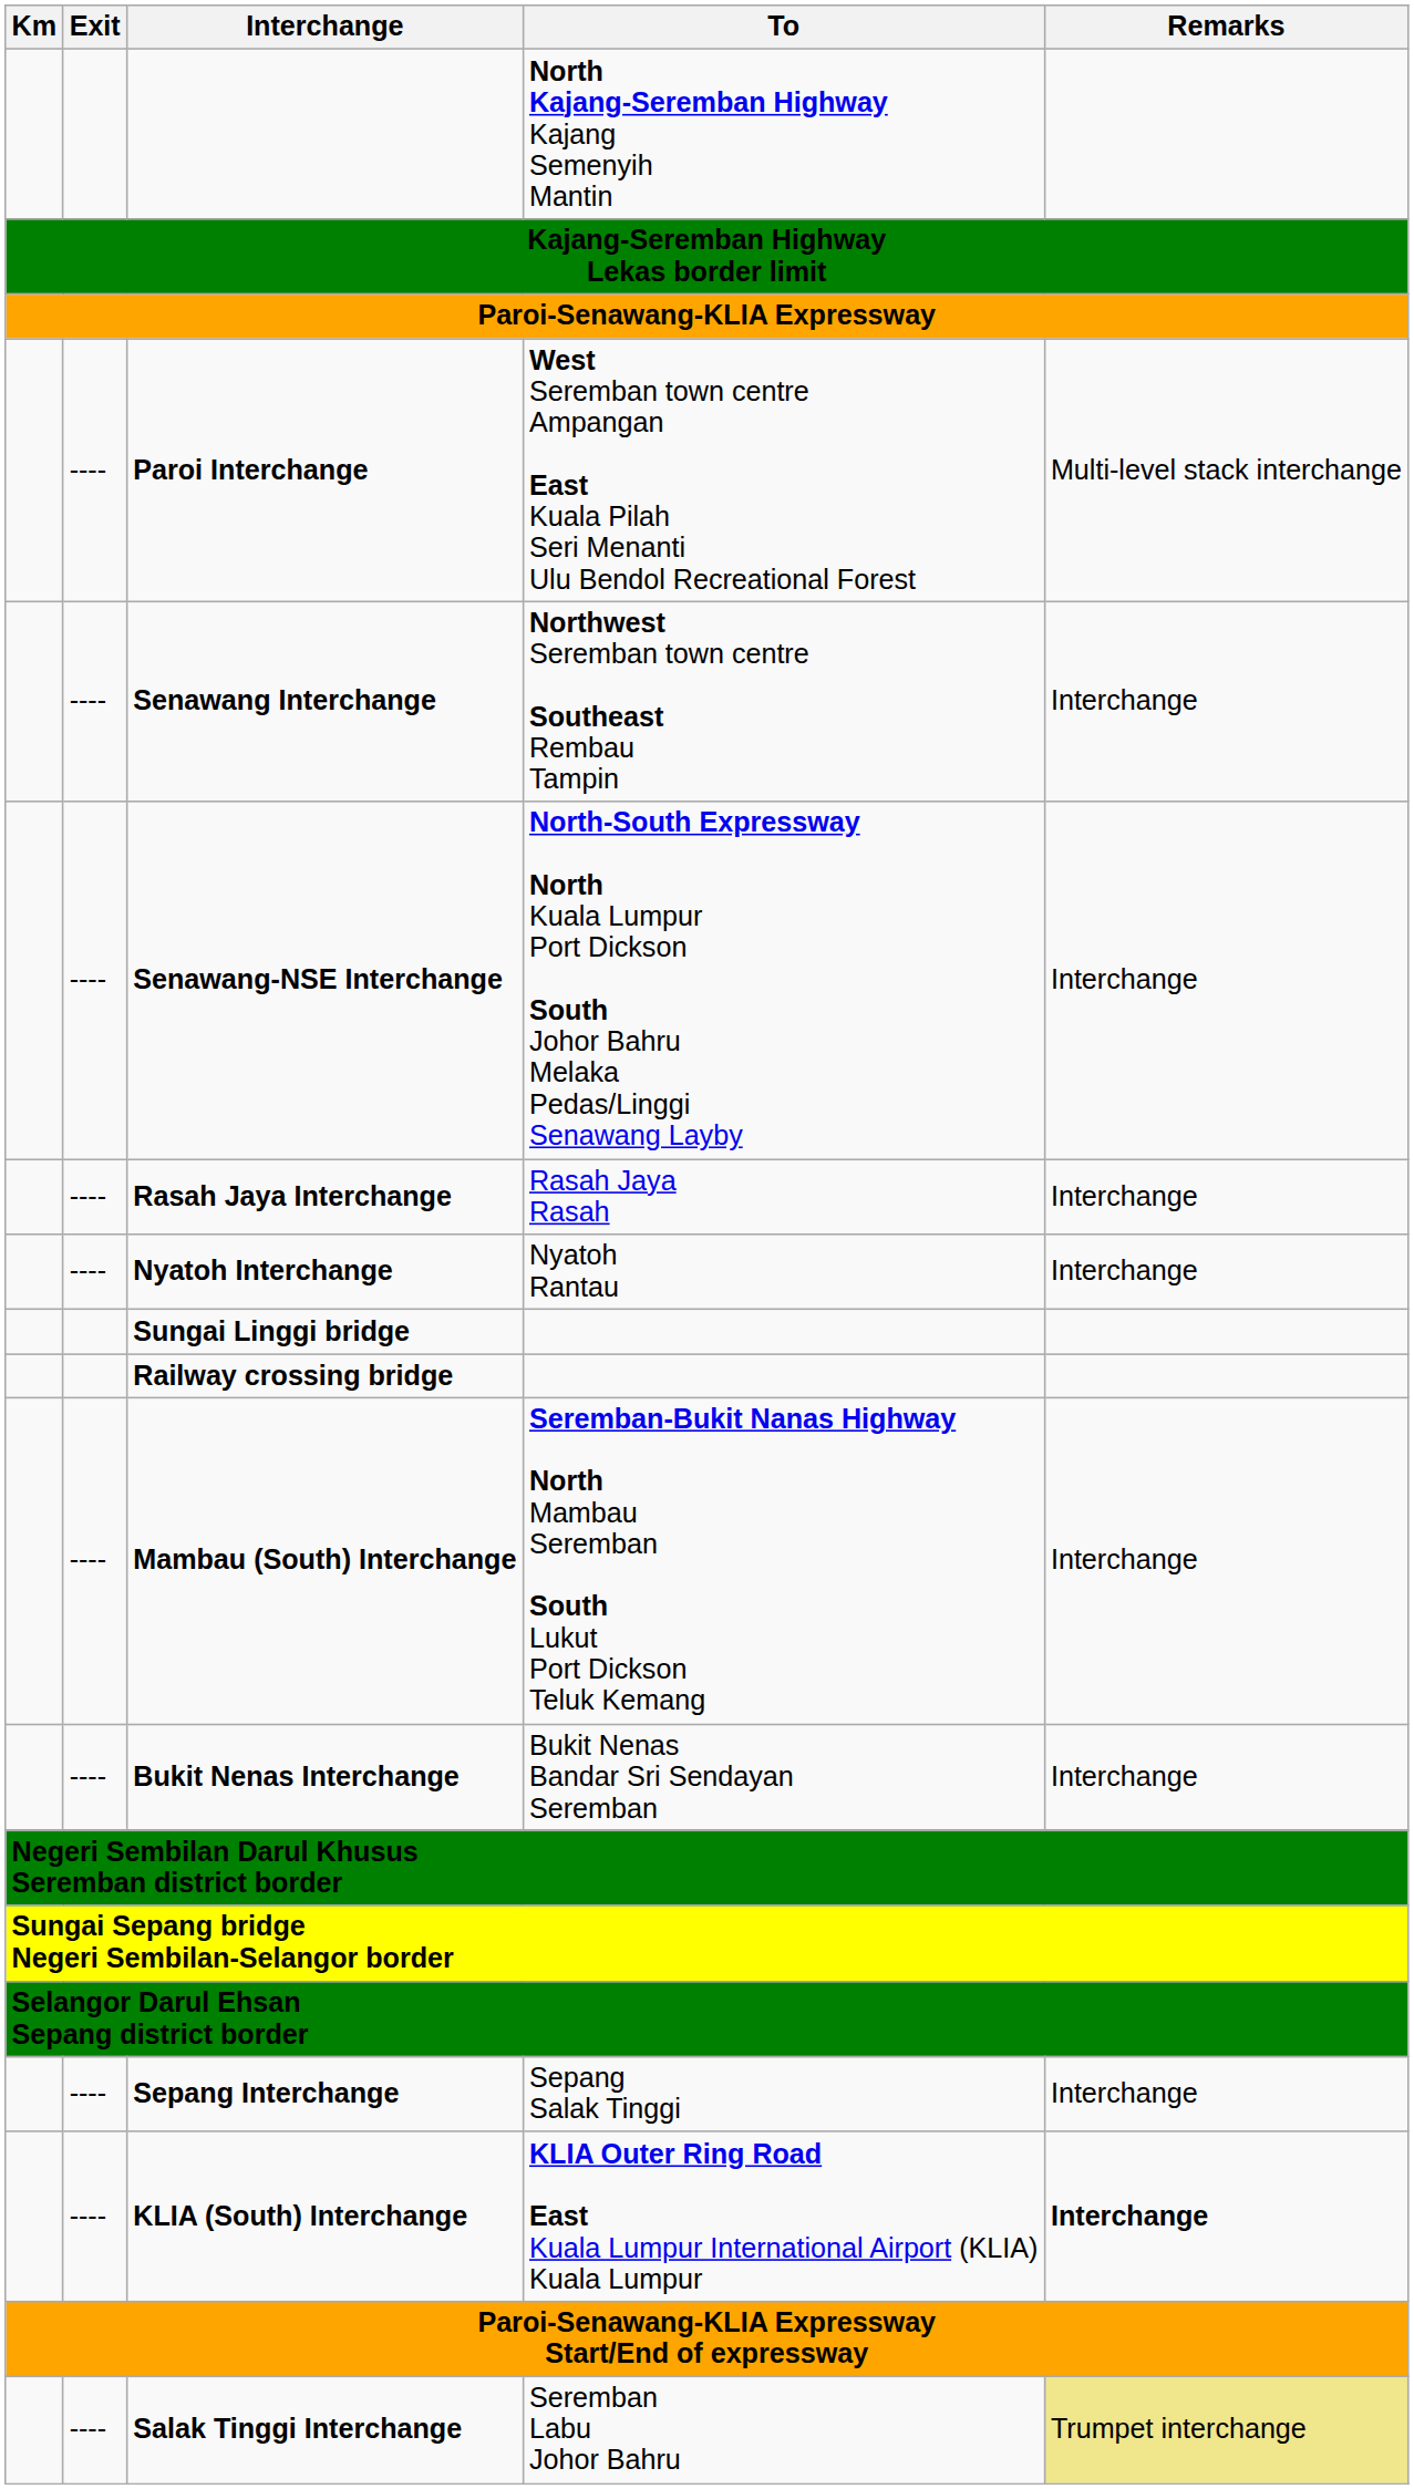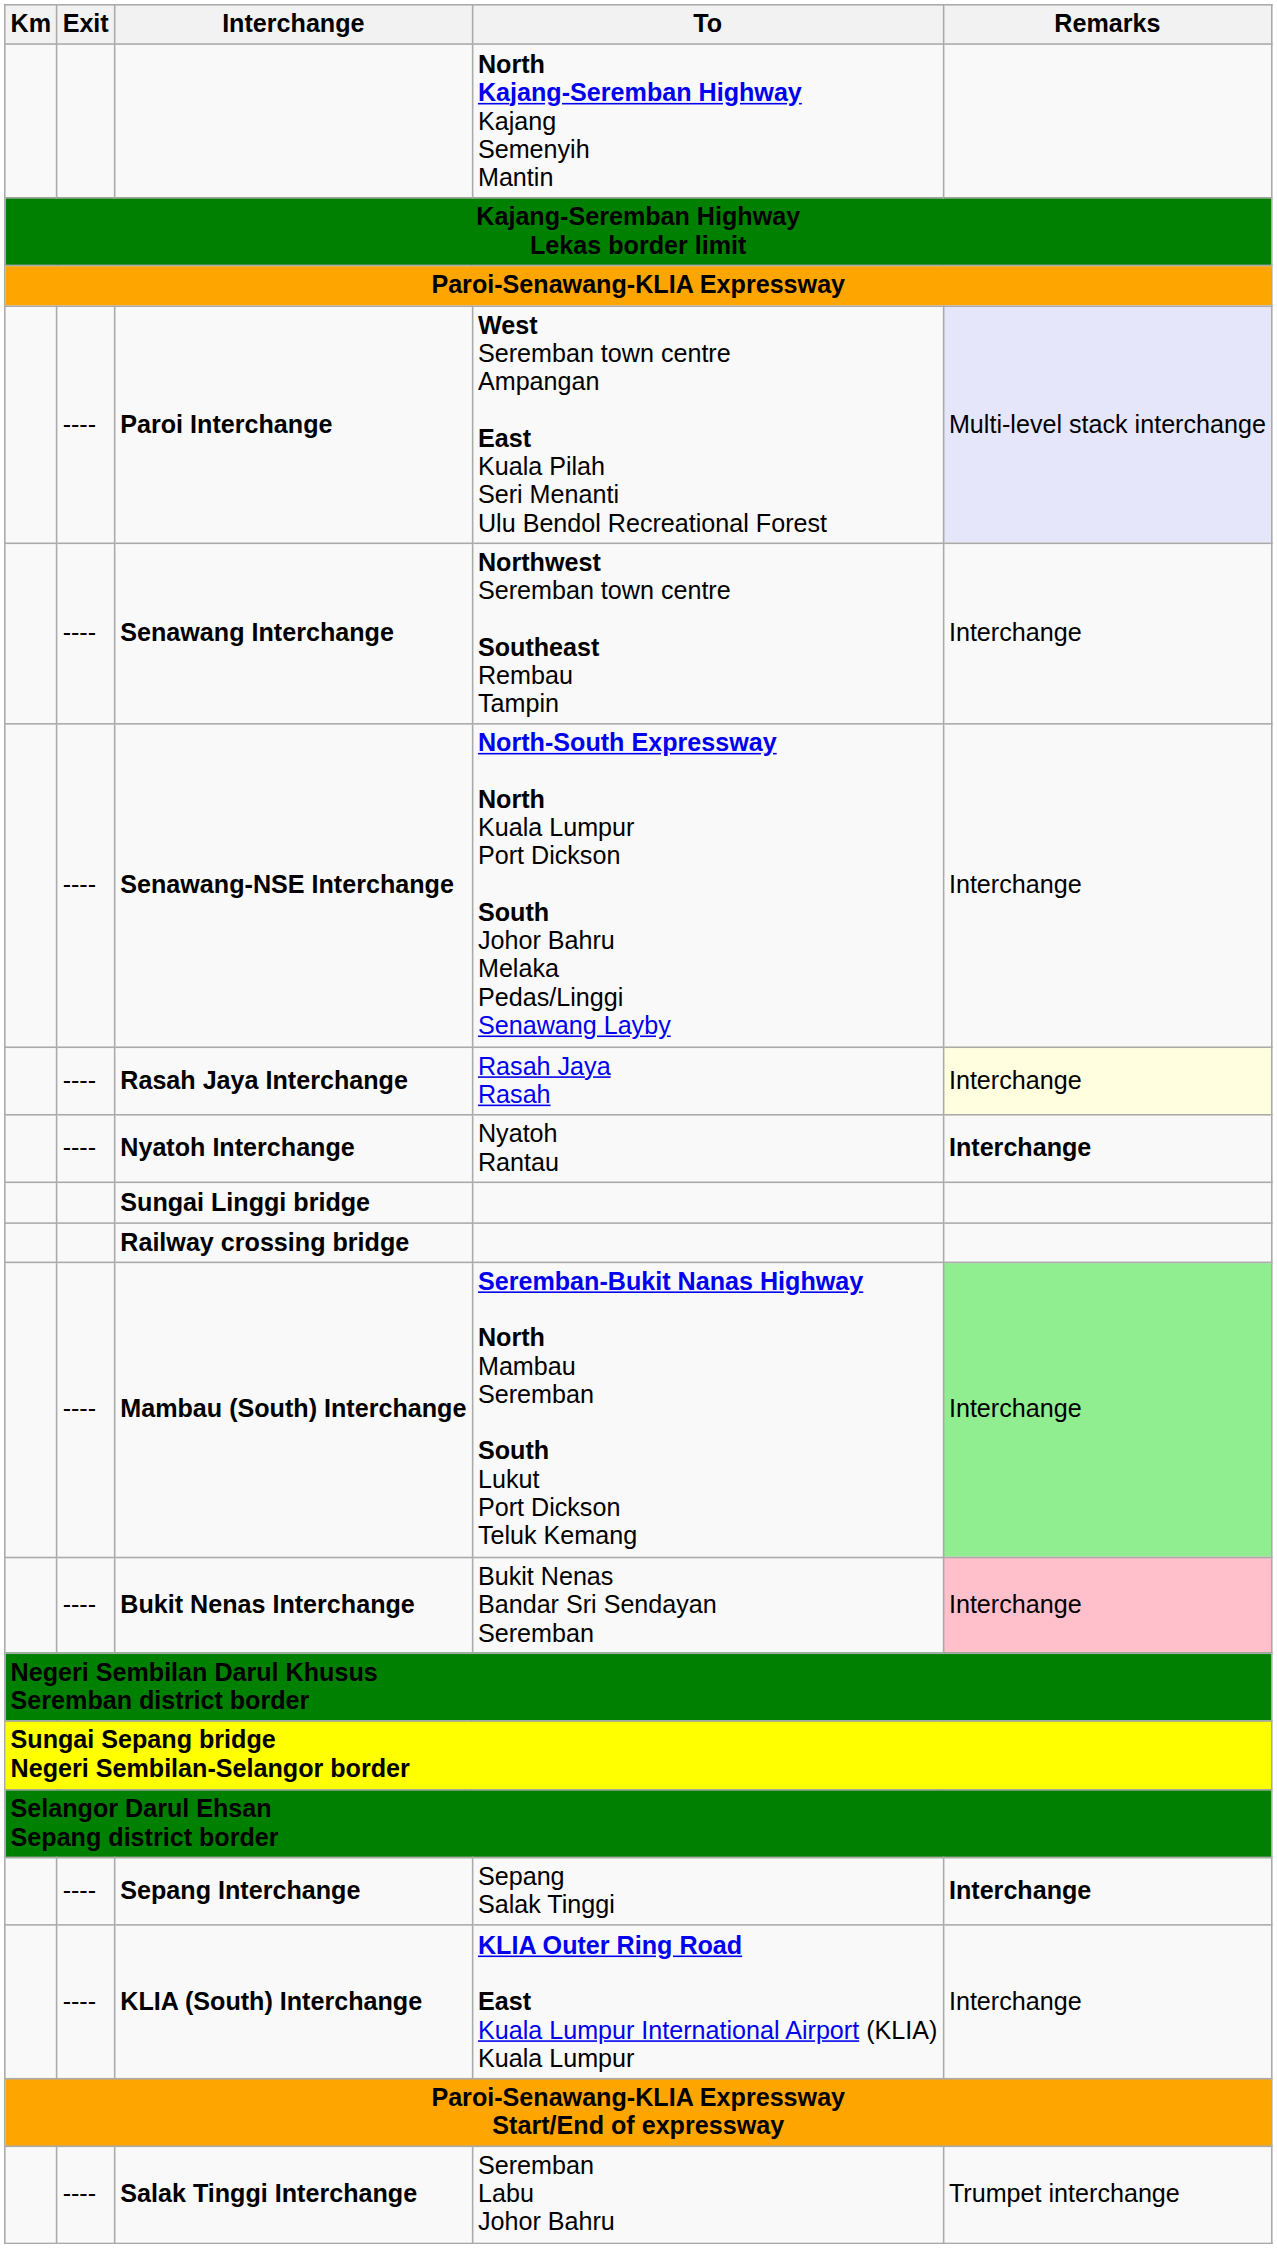 <table class="wikitable">
 <tr>
 <th>Km</th>
 <th>Exit</th>
 <th>Interchange</th>
 <th>To</th>
 <th>Remarks</th>
 </tr>
 <tr>
 <td></td>
 <td></td>
 <td></td>
 <td><strong>North</strong><br> <strong><a href='#'>Kajang-Seremban Highway</a></strong><br>Kajang<br>Semenyih<br>Mantin</td>
 <td></td>
 </tr>
 <tr>
 <td colspan="6"  style="width:600px; text-align:center; background:green;"><strong><span> Kajang-Seremban Highway<br>Lekas border limit</span></strong></td>
 </tr>
 <tr>
 <td colspan="6"  style="width:600px; text-align:center; background:orange;"><strong><span> Paroi-Senawang-KLIA Expressway</span></strong></td>
 </tr>
 <tr>
 <td></td>
 <td>----</td>
 <td><strong>Paroi Interchange</strong></td>
 <td><strong>West</strong><br> Seremban town centre<br> Ampangan<br><br><strong>East</strong><br> Kuala Pilah<br> Seri Menanti<br>Ulu Bendol Recreational Forest</td>
-<td>Multi-level stack interchange</td>
+<td style="background: lavender;">Multi-level stack interchange</td>
 </tr>
 <tr>
 <td></td>
 <td>----</td>
 <td><strong>Senawang Interchange</strong></td>
 <td><strong>Northwest</strong><br> Seremban town centre<br><br><strong>Southeast</strong><br> Rembau<br> Tampin</td>
 <td>Interchange</td>
 </tr>
 <tr>
 <td></td>
 <td>----</td>
 <td><strong>Senawang-NSE Interchange</strong></td>
 <td>  <strong><a href='#'>North-South Expressway</a></strong><br><br><strong>North</strong><br>Kuala Lumpur<br>Port Dickson<br><br><strong>South</strong><br>Johor Bahru<br>Melaka<br>Pedas/Linggi<br> <a href='#'>Senawang Layby</a></td>
 <td>Interchange</td>
 </tr>
 <tr>
 <td></td>
 <td>----</td>
 <td><strong>Rasah Jaya Interchange</strong></td>
 <td><a href='#'>Rasah Jaya</a><br><a href='#'>Rasah</a></td>
-<td>Interchange</td>
+<td style="background: lightyellow;">Interchange</td>
 </tr>
 <tr>
 <td></td>
 <td>----</td>
 <td><strong>Nyatoh Interchange</strong></td>
 <td> Nyatoh<br> Rantau</td>
-<td>Interchange</td>
+<td><strong>Interchange</strong></td>
 </tr>
 <tr>
 <td></td>
 <td></td>
 <td><strong>Sungai Linggi bridge</strong></td>
 <td></td>
 <td></td>
 </tr>
 <tr>
 <td></td>
 <td></td>
 <td><strong>Railway crossing bridge</strong></td>
 <td></td>
 <td></td>
 </tr>
 <tr>
 <td></td>
 <td>----</td>
 <td><strong>Mambau (South) Interchange</strong></td>
 <td> <strong><a href='#'>Seremban-Bukit Nanas Highway</a></strong><br><br><strong>North</strong><br>Mambau<br>Seremban<br><br><strong>South</strong><br>Lukut<br>Port Dickson<br>Teluk Kemang</td>
-<td>Interchange</td>
+<td style="background: lightgreen;">Interchange</td>
 </tr>
 <tr>
 <td></td>
 <td>----</td>
 <td><strong>Bukit Nenas Interchange</strong></td>
 <td> Bukit Nenas<br> Bandar Sri Sendayan<br> Seremban</td>
-<td>Interchange</td>
+<td style="background: pink;">Interchange</td>
 </tr>
 <tr>
 <td style="width:600px" colspan="6" style="text-align:center" bgcolor="green"><strong><span>Negeri Sembilan Darul Khusus<br>Seremban district border</span></strong></td>
 </tr>
 <tr>
 <td style="width:600px" colspan="6" style="text-align:center" bgcolor="yellow"><strong><span>Sungai Sepang bridge<br>Negeri Sembilan-Selangor border</span></strong></td>
 </tr>
 <tr>
 <td style="width:600px" colspan="6" style="text-align:center" bgcolor="green"><strong><span>Selangor Darul Ehsan<br>Sepang district border</span></strong></td>
 </tr>
 <tr>
 <td></td>
 <td>----</td>
 <td><strong>Sepang Interchange</strong></td>
 <td> Sepang<br> Salak Tinggi</td>
-<td>Interchange</td>
+<td><strong>Interchange</strong></td>
 </tr>
 <tr>
 <td></td>
 <td>----</td>
 <td><strong>KLIA (South) Interchange</strong></td>
 <td> <strong><a href='#'>KLIA Outer Ring Road</a></strong><br><br><strong>East</strong><br> <a href='#'>Kuala Lumpur International Airport</a> (KLIA) <br>   Kuala Lumpur</td>
-<td><strong>Interchange</strong></td>
+<td>Interchange</td>
 </tr>
 <tr>
 <td colspan="6"  style="width:600px; text-align:center; background:orange;"><strong><span> Paroi-Senawang-KLIA Expressway<br>Start/End of expressway</span></strong></td>
 </tr>
 <tr>
 <td></td>
 <td>----</td>
 <td><strong>Salak Tinggi Interchange</strong></td>
 <td>  Seremban<br>Labu<br>Johor Bahru</td>
-<td style="background: khaki;">Trumpet interchange</td>
+<td>Trumpet interchange</td>
 </tr>
 <tr>
 </tr>
 </table>
